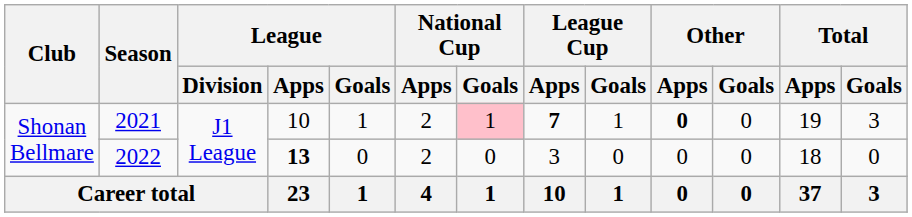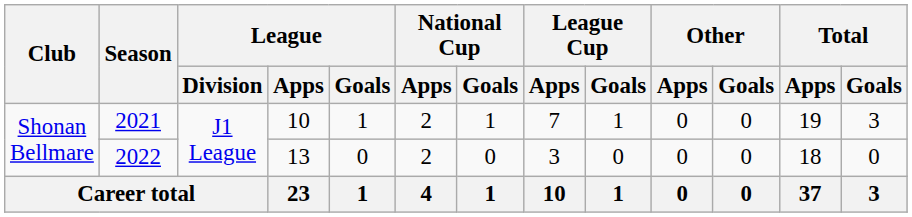 <table class="wikitable" style="text-align: center">
 <tr>
 <th rowspan="2">Club</th>
 <th rowspan="2">Season</th>
 <th colspan="3">League</th>
 <th colspan="2">National Cup</th>
 <th colspan="2">League Cup</th>
 <th colspan="2">Other</th>
 <th colspan="2">Total</th>
 </tr>
 <tr>
 <th>Division</th>
 <th>Apps</th>
 <th>Goals</th>
 <th>Apps</th>
 <th>Goals</th>
 <th>Apps</th>
 <th>Goals</th>
 <th>Apps</th>
 <th>Goals</th>
 <th>Apps</th>
 <th>Goals</th>
 </tr>
 <tr>
 <td rowspan="2"><a href='#'>Shonan Bellmare</a></td>
 <td><a href='#'>2021</a></td>
 <td rowspan="2"><a href='#'>J1 League</a></td>
 <td>10</td>
 <td>1</td>
 <td>2</td>
-<td style="background: pink;">1</td>
-<td><strong>7</strong></td>
 <td>1</td>
-<td><strong>0</strong></td>
+<td>7</td>
+<td>1</td>
+<td>0</td>
 <td>0</td>
 <td>19</td>
 <td>3</td>
 </tr>
 <tr>
 <td><a href='#'>2022</a></td>
-<td><strong>13</strong></td>
+<td>13</td>
 <td>0</td>
 <td>2</td>
 <td>0</td>
 <td>3</td>
 <td>0</td>
 <td>0</td>
 <td>0</td>
 <td>18</td>
 <td>0</td>
 </tr>
 <tr>
 <th colspan=3>Career total</th>
 <th>23</th>
 <th>1</th>
 <th>4</th>
 <th>1</th>
 <th>10</th>
 <th>1</th>
 <th>0</th>
 <th>0</th>
 <th>37</th>
 <th>3</th>
 </tr>
 </table>
